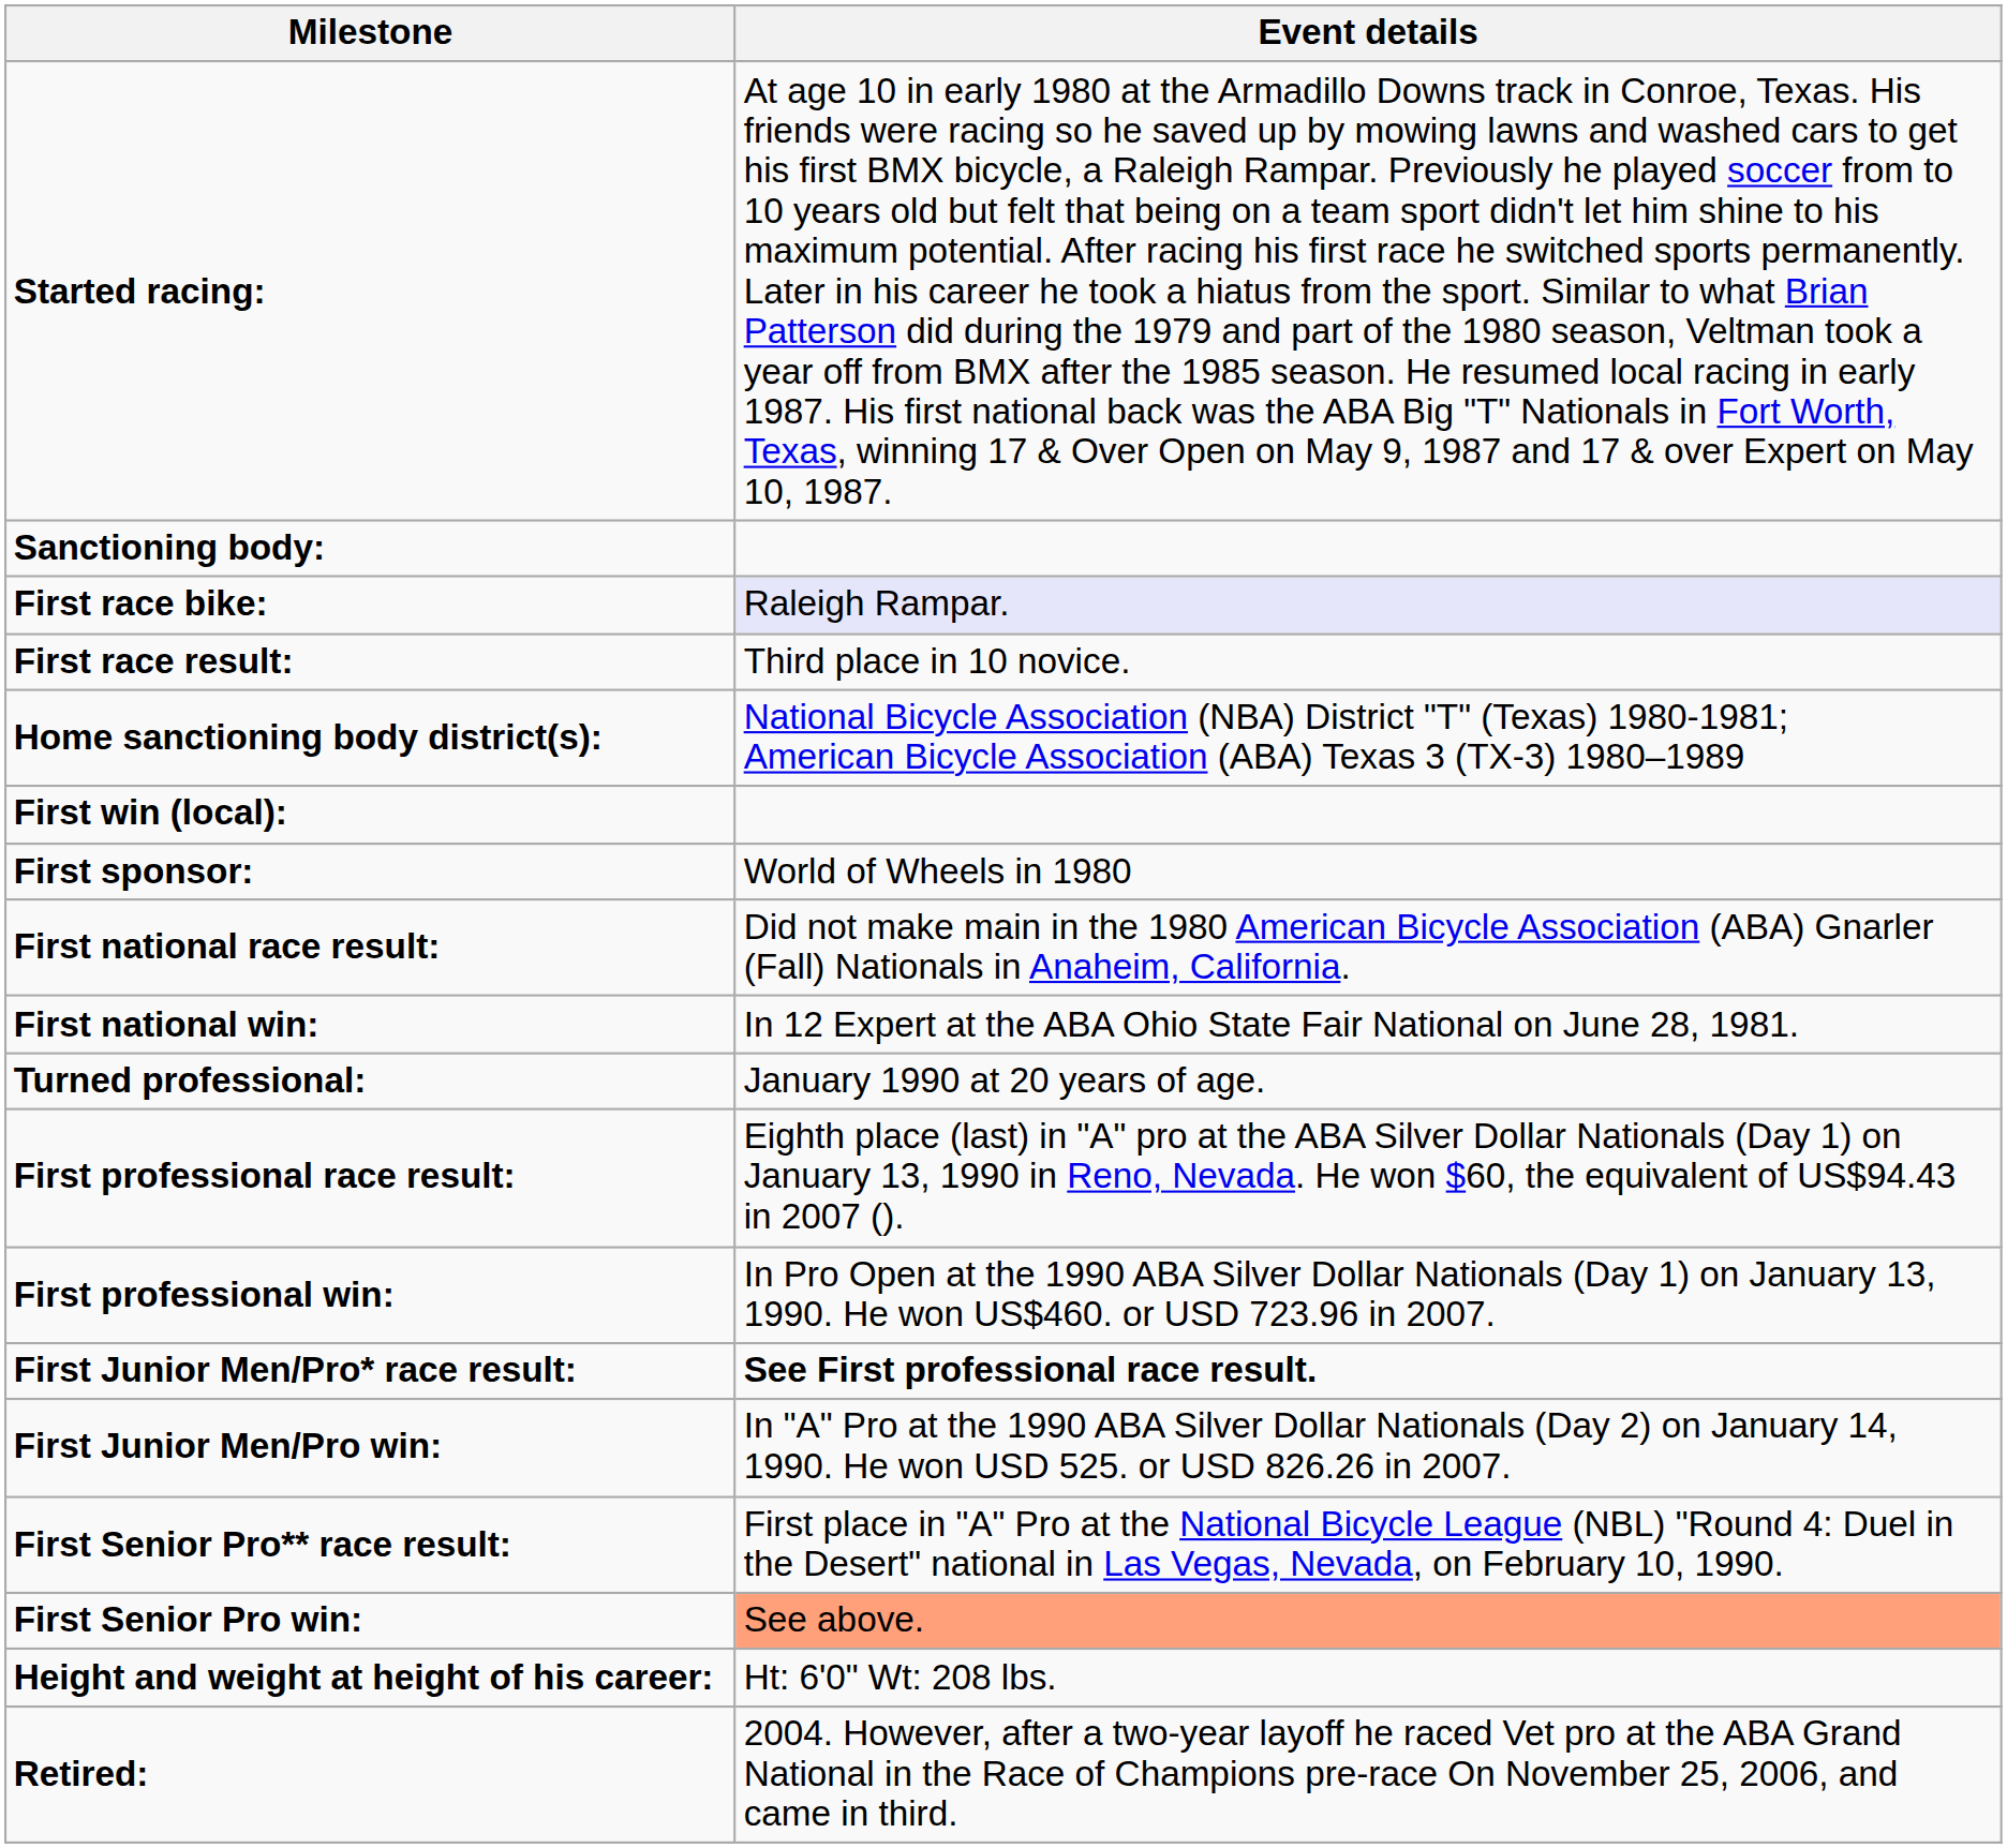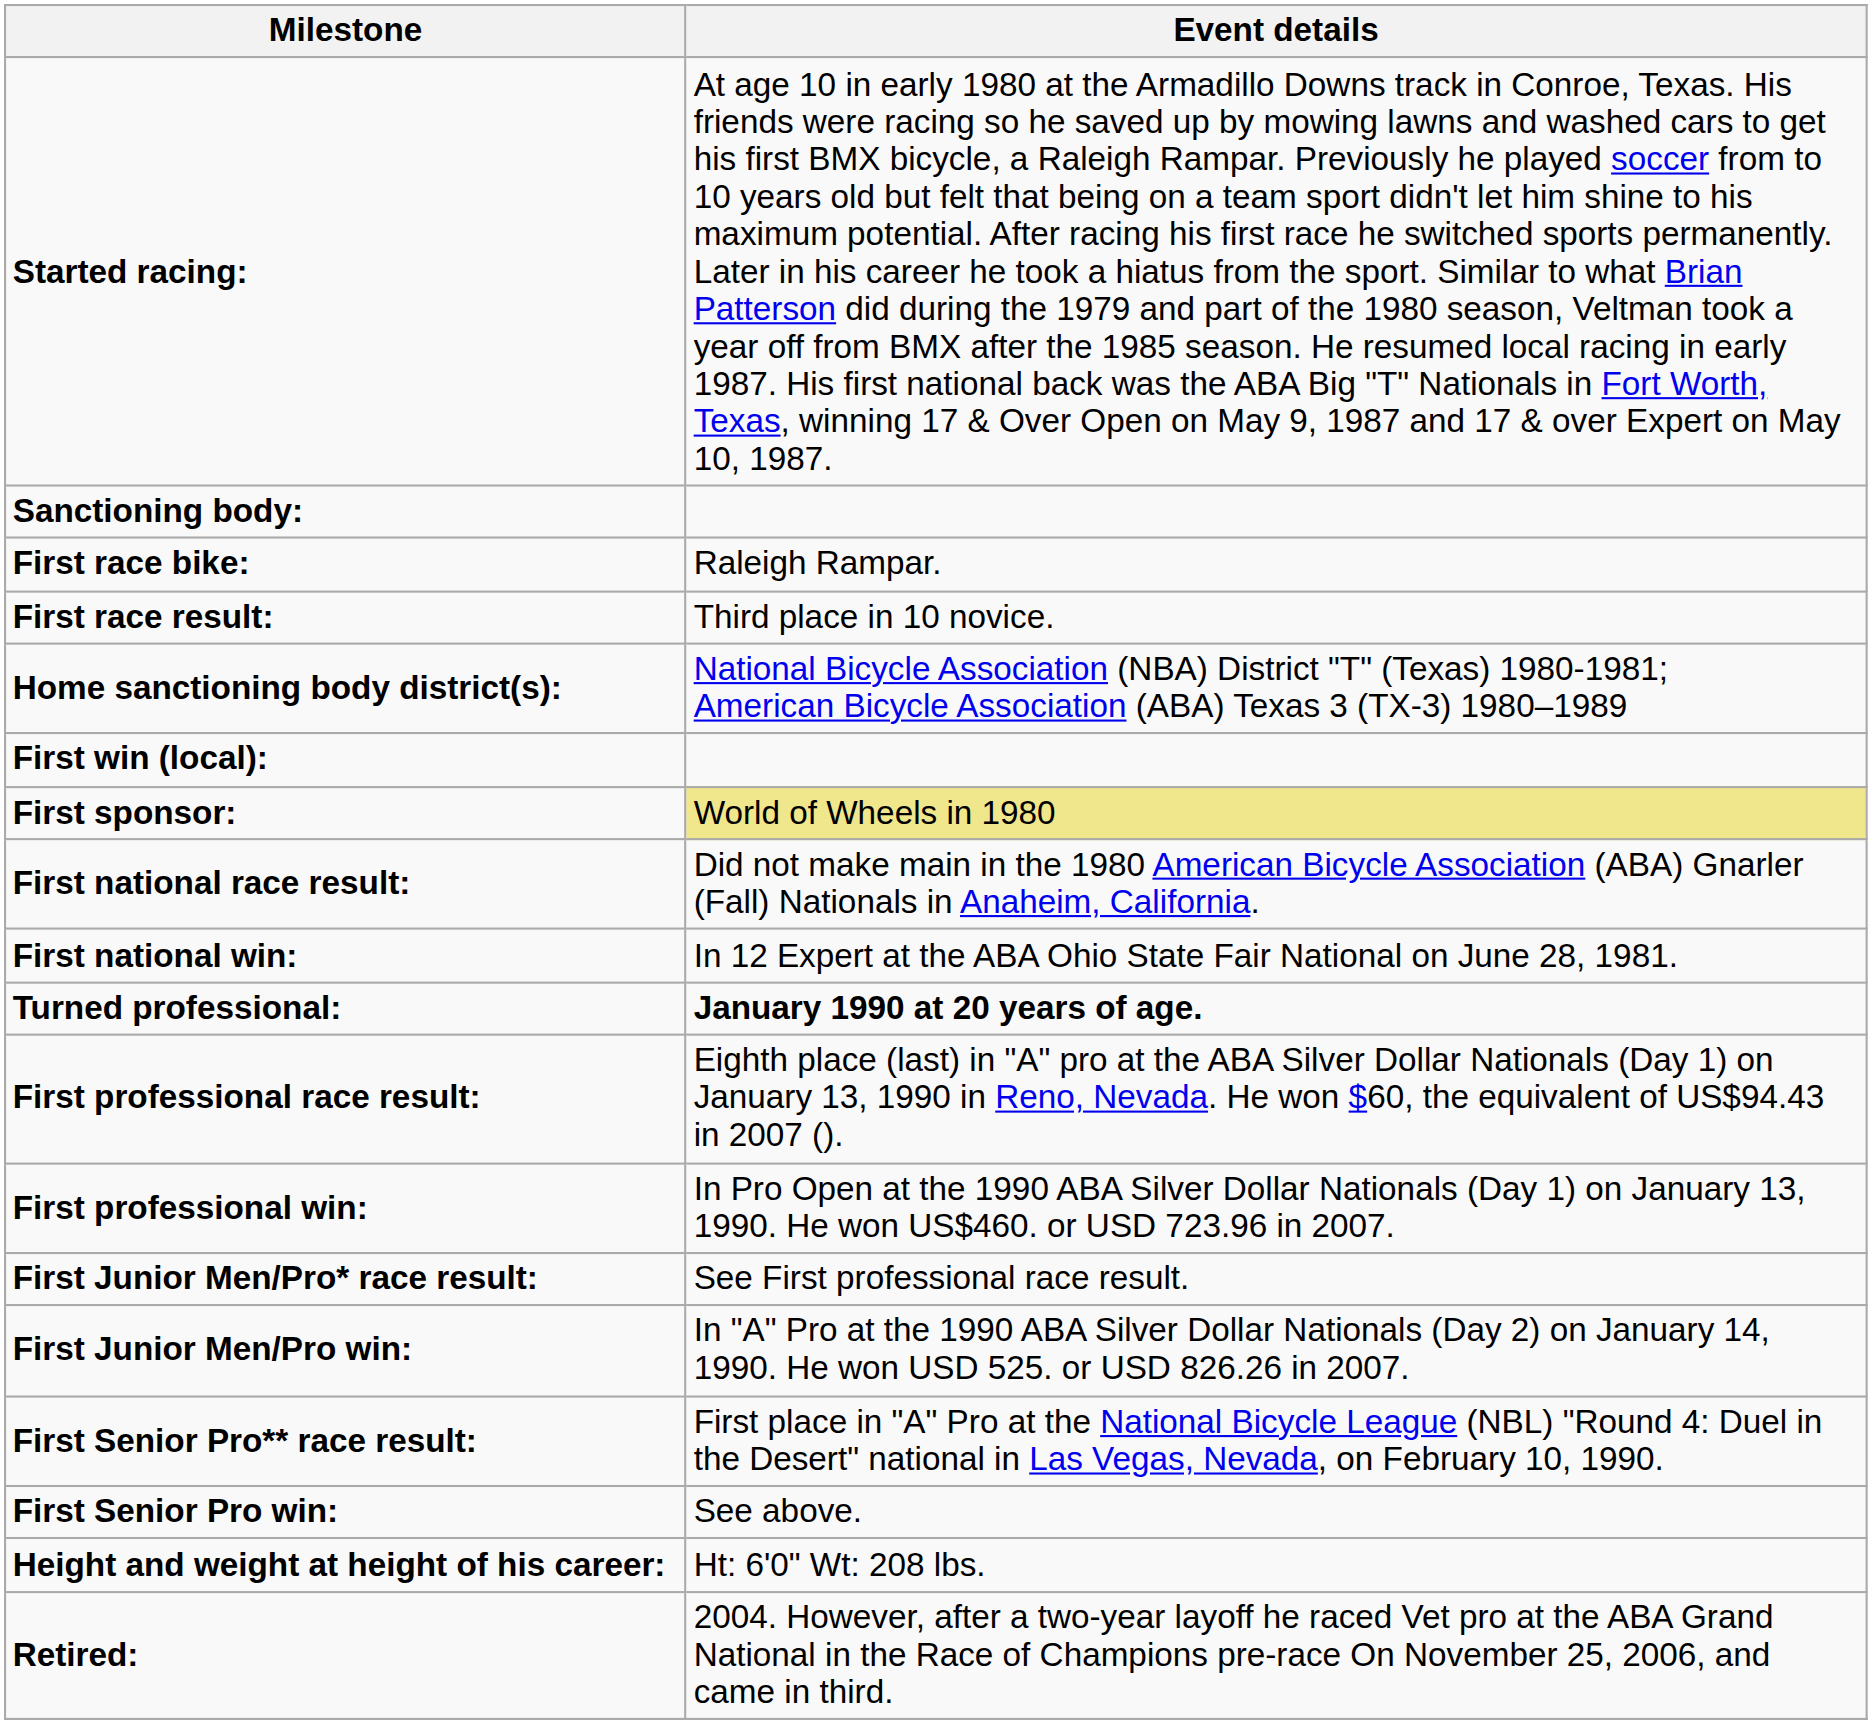 <table class="sortable wikitable">
 <tr>
 <th style="width:20em">Milestone</th>
 <th style="width:35em">Event details</th>
 </tr>
 <tr>
 <td><strong>Started racing:</strong></td>
 <td>At age 10 in early 1980 at the Armadillo Downs track in Conroe, Texas. His friends were racing so he saved up by mowing lawns and washed cars to get his first BMX bicycle, a Raleigh Rampar. Previously he played <a href='#'>soccer</a> from  to 10 years old but felt that being on a team sport didn't let him shine to his maximum potential. After racing his first race he switched sports permanently. Later in his career he took a hiatus from the sport. Similar to what <a href='#'>Brian Patterson</a> did during the 1979 and part of the 1980 season, Veltman took a year off from BMX after the 1985 season. He resumed local racing in early 1987. His first national back was the ABA Big "T" Nationals in <a href='#'>Fort Worth, Texas</a>, winning 17 & Over Open on May 9, 1987 and 17 & over Expert on May 10, 1987.</td>
 </tr>
 <tr>
 <td><strong>Sanctioning body:</strong></td>
 <td></td>
 </tr>
 <tr>
 <td><strong>First race bike:</strong></td>
-<td style="background: lavender;">Raleigh Rampar.</td>
+<td>Raleigh Rampar.</td>
 </tr>
 <tr>
 <td><strong>First race result:</strong></td>
 <td>Third place in 10 novice.</td>
 </tr>
 <tr>
 <td><strong>Home sanctioning body district(s):</strong></td>
 <td><a href='#'>National Bicycle Association</a> (NBA) District "T" (Texas) 1980-1981;<br><a href='#'>American Bicycle Association</a> (ABA) Texas 3 (TX-3) 1980–1989</td>
 </tr>
 <tr>
 <td><strong>First win (local):</strong></td>
 <td></td>
 </tr>
 <tr>
 <td><strong>First sponsor:</strong></td>
-<td>World of Wheels in 1980</td>
+<td style="background: khaki;">World of Wheels in 1980</td>
 </tr>
 <tr>
 <td><strong>First national race result:</strong></td>
 <td>Did not make main in the 1980 <a href='#'>American Bicycle Association</a> (ABA) Gnarler (Fall) Nationals in <a href='#'>Anaheim, California</a>.</td>
 </tr>
 <tr>
 <td><strong>First national win:</strong></td>
 <td>In 12 Expert at the ABA Ohio State Fair National on June 28, 1981.</td>
 </tr>
 <tr>
 <td><strong>Turned professional:</strong></td>
-<td>January 1990 at 20 years of age.</td>
+<td><strong>January 1990 at 20 years of age.</strong></td>
 </tr>
 <tr>
 <td><strong>First professional race result:</strong></td>
 <td>Eighth place (last) in "A" pro at the ABA Silver Dollar Nationals (Day 1) on January 13, 1990 in <a href='#'>Reno, Nevada</a>. He won <a href='#'>$</a>60, the equivalent of US$94.43 in 2007 ().</td>
 </tr>
 <tr>
 <td><strong>First professional win:</strong></td>
 <td>In Pro Open at the 1990 ABA Silver Dollar Nationals (Day 1) on January 13, 1990. He won US$460. or USD 723.96 in 2007.</td>
 </tr>
 <tr>
 <td><strong>First Junior Men/Pro* race result:</strong></td>
-<td><strong>See First professional race result.</strong></td>
+<td>See First professional race result.</td>
 </tr>
 <tr>
 <td><strong>First Junior Men/Pro win:</strong></td>
 <td>In "A" Pro at the 1990 ABA Silver Dollar Nationals (Day 2) on January 14, 1990. He won USD 525. or USD 826.26 in 2007.</td>
 </tr>
 <tr>
 <td><strong>First Senior Pro** race result:</strong></td>
 <td>First place in "A" Pro at the <a href='#'>National Bicycle League</a> (NBL) "Round 4: Duel in the Desert" national in <a href='#'>Las Vegas, Nevada</a>, on February 10, 1990.</td>
 </tr>
 <tr>
 <td><strong>First Senior Pro win:</strong></td>
-<td style="background: lightsalmon;">See above.</td>
+<td>See above.</td>
 </tr>
 <tr>
 <td><strong>Height and weight at height of his career:</strong></td>
 <td>Ht: 6'0"  Wt: 208 lbs.</td>
 </tr>
 <tr>
 <td><strong>Retired:</strong></td>
 <td>2004. However, after a two-year layoff he raced Vet pro at the ABA Grand National in the Race of Champions pre-race On November 25, 2006, and came in third.</td>
 </tr>
 <tr>
 </tr>
 </table>
